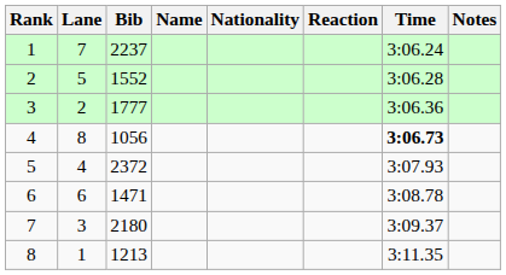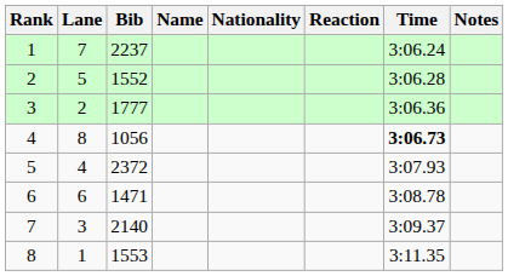 <table class="wikitable sortable" style="text-align:center">
 <tr>
 <th>Rank</th>
 <th>Lane</th>
 <th>Bib</th>
 <th>Name</th>
 <th>Nationality</th>
 <th>Reaction</th>
 <th>Time</th>
 <th>Notes</th>
 </tr>
 <tr bgcolor=ccffcc>
 <td>1</td>
 <td>7</td>
 <td>2237</td>
 <td align=left></td>
 <td align=left></td>
 <td></td>
 <td>3:06.24</td>
 <td><strong></strong></td>
 </tr>
 <tr bgcolor=ccffcc>
 <td>2</td>
 <td>5</td>
 <td>1552</td>
 <td align=left></td>
 <td align=left></td>
 <td></td>
 <td>3:06.28</td>
 <td><strong></strong></td>
 </tr>
 <tr bgcolor=ccffcc>
 <td>3</td>
 <td>2</td>
 <td>1777</td>
 <td align=left></td>
 <td align=left></td>
 <td></td>
 <td>3:06.36</td>
 <td><strong></strong></td>
 </tr>
 <tr>
 <td>4</td>
 <td>8</td>
 <td>1056</td>
 <td align=left></td>
 <td align=left></td>
 <td></td>
 <td><strong>3:06.73</strong></td>
 <td></td>
 </tr>
 <tr>
 <td>5</td>
 <td>4</td>
 <td>2372</td>
 <td align=left></td>
 <td align=left></td>
 <td></td>
 <td>3:07.93</td>
 <td></td>
 </tr>
 <tr>
 <td>6</td>
 <td>6</td>
 <td>1471</td>
 <td align=left></td>
 <td align=left></td>
 <td></td>
 <td>3:08.78</td>
 <td></td>
 </tr>
 <tr>
 <td>7</td>
 <td>3</td>
-<td>2180</td>
+<td>2140</td>
 <td align=left></td>
 <td align=left></td>
 <td></td>
 <td>3:09.37</td>
 <td></td>
 </tr>
 <tr>
 <td>8</td>
 <td>1</td>
-<td>1213</td>
+<td>1553</td>
 <td align=left></td>
 <td align=left></td>
 <td></td>
 <td>3:11.35</td>
 <td></td>
 </tr>
 </table>
